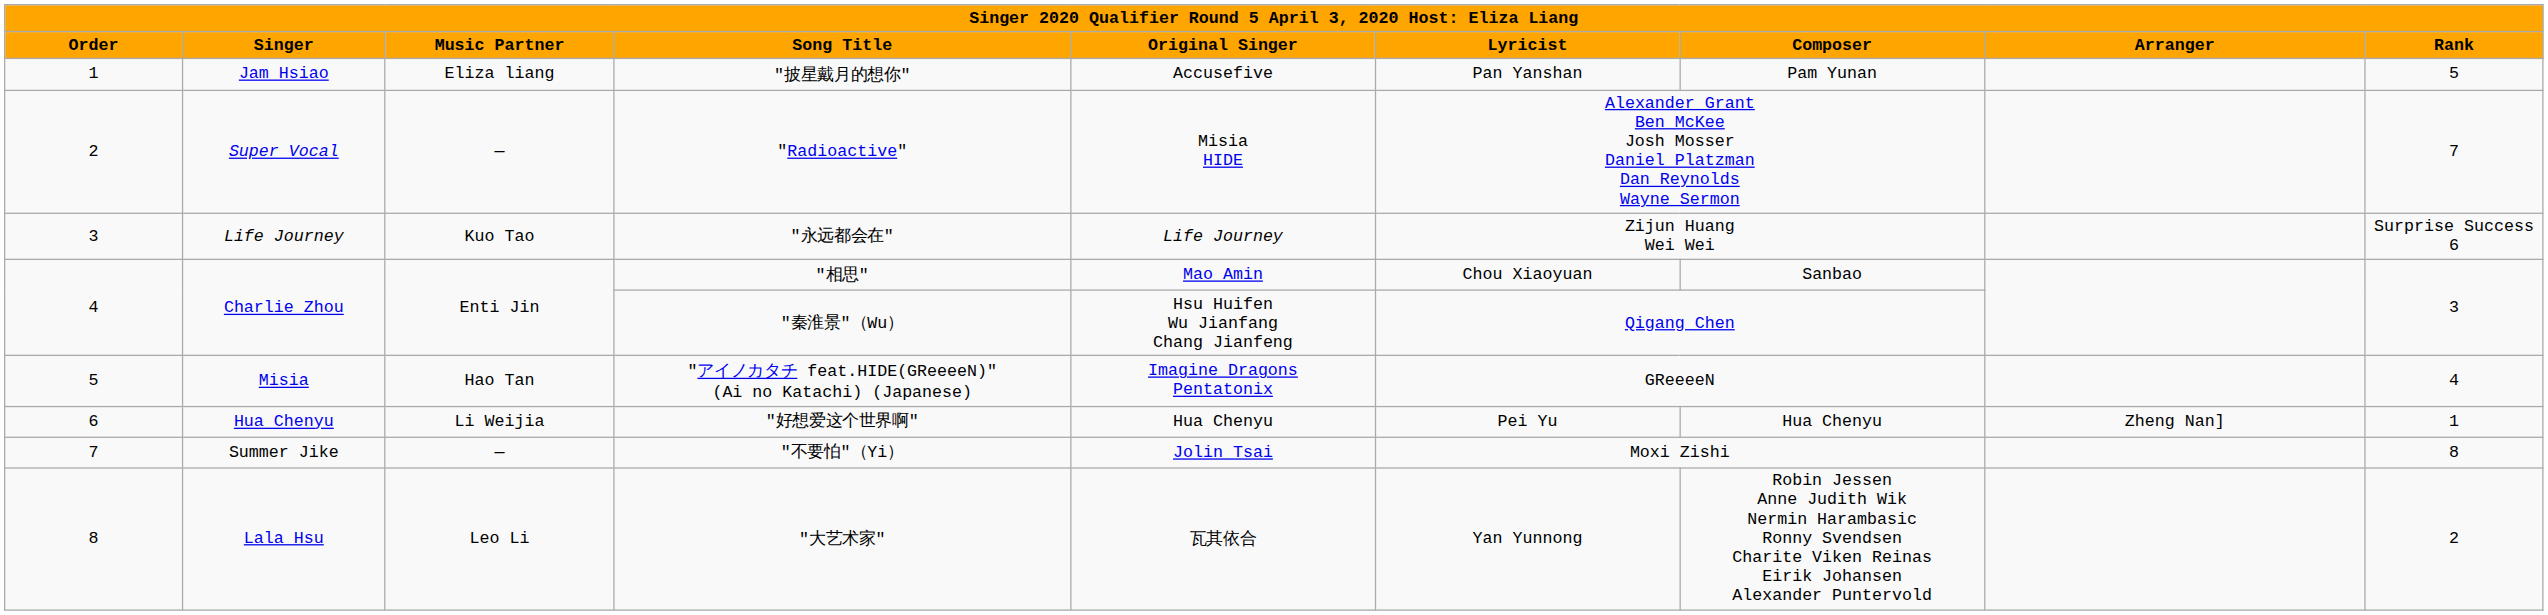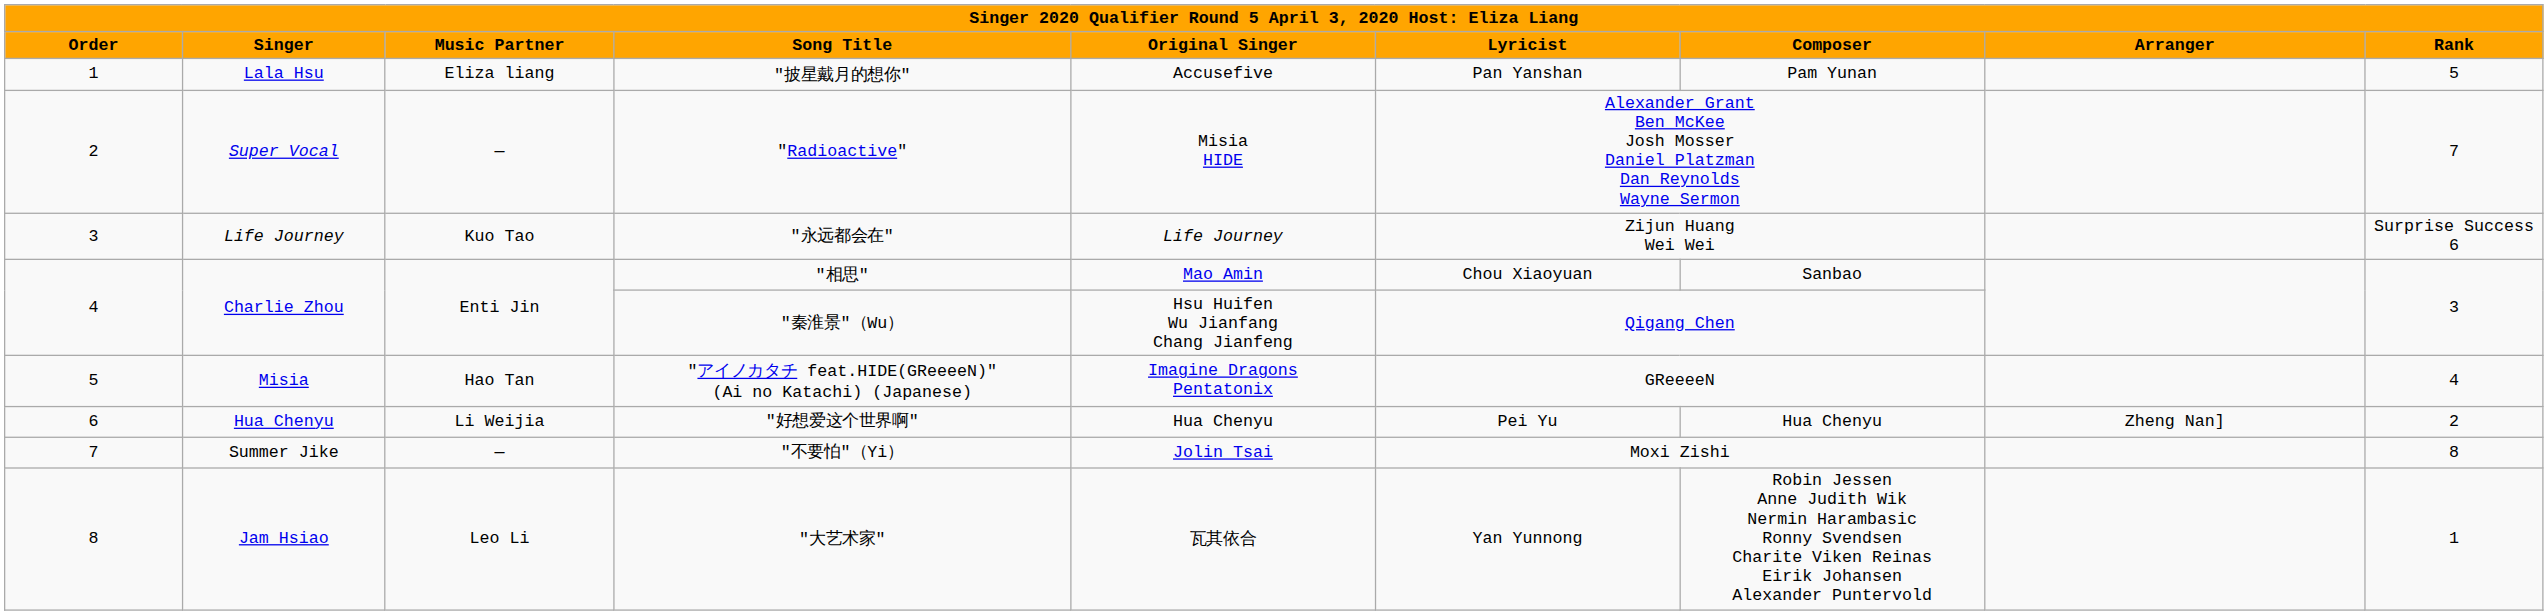 <table class="wikitable sortable mw-collapsible" width="100%" style="text-align:center">
 <tr align=center style="background:orange">
 <td colspan="9"><div><strong>Singer 2020 Qualifier Round 5 April 3, 2020 Host: Eliza Liang</strong></div></td>
 </tr>
 <tr style="background:orange">
 <td style="width:7%"><strong>Order</strong></td>
 <td style="width:8%"><strong>Singer</strong></td>
 <td style="width:9%"><strong>Music Partner</strong></td>
 <td style="width:18%"><strong>Song Title</strong></td>
 <td style="width:12%"><strong>Original Singer</strong></td>
 <td style="width:12% "><strong>Lyricist</strong></td>
 <td style="width:12%"><strong>Composer</strong></td>
 <td style="width:15%"><strong>Arranger</strong></td>
 <td style="width:7%"><strong>Rank</strong></td>
 </tr>
 <tr>
 <td>1</td>
-<td><a href='#'>Jam Hsiao</a></td>
+<td><a href='#'>Lala Hsu</a></td>
 <td>Eliza liang</td>
 <td>"披星戴月的想你"</td>
 <td>Accusefive</td>
 <td>Pan Yanshan</td>
 <td>Pam Yunan</td>
 <td></td>
 <td>5</td>
 </tr>
 <tr>
 <td>2</td>
 <td><em><a href='#'>Super Vocal</a></em></td>
 <td>—</td>
 <td>"<a href='#'>Radioactive</a>"</td>
 <td>Misia<br><a href='#'>HIDE</a></td>
 <td colspan=2><a href='#'>Alexander Grant</a><br><a href='#'>Ben McKee</a><br>Josh Mosser<br><a href='#'>Daniel Platzman</a><br><a href='#'>Dan Reynolds</a><br><a href='#'>Wayne Sermon</a></td>
 <td></td>
 <td>7</td>
 </tr>
 <tr>
 <td>3</td>
 <td><em>Life Journey</em></td>
 <td>Kuo Tao</td>
 <td>"永远都会在"</td>
 <td><em>Life Journey</em></td>
 <td colspan=2>Zijun Huang<br>Wei Wei</td>
 <td></td>
 <td>Surprise Success 6</td>
 </tr>
 <tr>
 <td rowspan=2>4</td>
 <td rowspan=2><a href='#'>Charlie Zhou</a></td>
 <td rowspan=2>Enti Jin</td>
 <td>"相思"</td>
 <td><a href='#'>Mao Amin</a></td>
 <td>Chou Xiaoyuan</td>
 <td>Sanbao</td>
 <td rowspan=2></td>
 <td rowspan=2>3</td>
 </tr>
 <tr>
 <td>"秦淮景"（Wu）</td>
 <td>Hsu Huifen<br>Wu Jianfang<br>Chang Jianfeng</td>
 <td colspan=2><a href='#'>Qigang Chen</a></td>
 </tr>
 <tr>
 <td>5</td>
 <td><a href='#'>Misia</a></td>
 <td>Hao Tan</td>
 <td>"<a href='#'>アイノカタチ</a> feat.HIDE(GReeeeN)"<br>(Ai no Katachi) (Japanese)</td>
 <td><a href='#'>Imagine Dragons</a><br><a href='#'>Pentatonix</a><br></td>
 <td colspan=2>GReeeeN</td>
 <td></td>
 <td>4</td>
 </tr>
 <tr>
 <td>6</td>
 <td><a href='#'>Hua Chenyu</a></td>
 <td>Li Weijia</td>
 <td>"好想爱这个世界啊"</td>
 <td>Hua Chenyu</td>
 <td>Pei Yu</td>
 <td>Hua Chenyu</td>
 <td>Zheng Nan]</td>
-<td>1</td>
+<td>2</td>
 </tr>
 <tr>
 <td>7</td>
 <td>Summer Jike</td>
 <td>—</td>
 <td>"不要怕"（Yi）</td>
 <td><a href='#'>Jolin Tsai</a></td>
 <td colspan=2>Moxi Zishi</td>
 <td></td>
 <td>8</td>
 </tr>
 <tr>
 <td>8</td>
-<td><a href='#'>Lala Hsu</a></td>
+<td><a href='#'>Jam Hsiao</a></td>
 <td>Leo Li</td>
 <td>"大艺术家"</td>
 <td>瓦其依合</td>
 <td>Yan Yunnong</td>
 <td>Robin Jessen<br>Anne Judith Wik<br>Nermin Harambasic<br>Ronny Svendsen<br>Charite Viken Reinas<br>Eirik Johansen<br>Alexander Puntervold</td>
 <td></td>
-<td>2</td>
+<td>1</td>
 </tr>
 </table>
